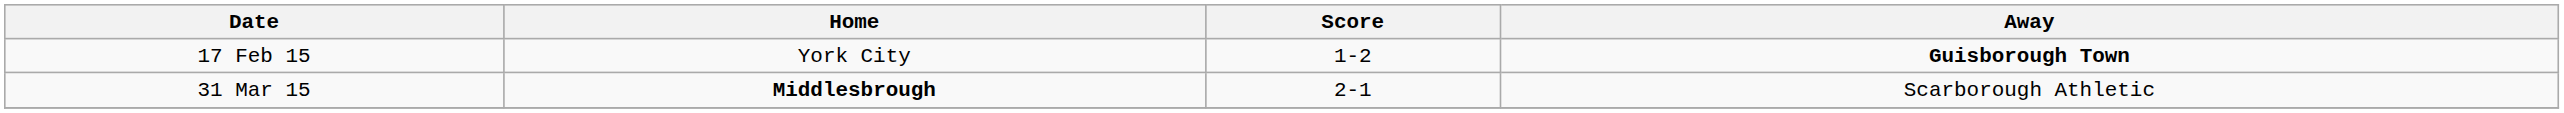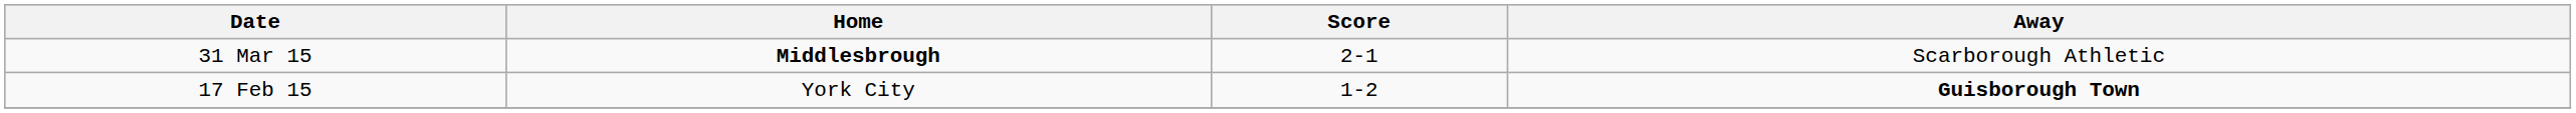 <table class="wikitable " style="text-align:center; width:80%;">
 <tr>
 <th>Date</th>
 <th>Home</th>
 <th>Score</th>
 <th>Away</th>
 </tr>
 <tr>
+<td>31 Mar 15</td>
+<td><strong>Middlesbrough</strong></td>
+<td>2-1</td>
+<td>Scarborough Athletic</td>
+</tr>
+<tr>
 <td>17 Feb 15</td>
 <td>York City</td>
 <td>1-2</td>
 <td><strong>Guisborough Town</strong></td>
 </tr>
 <tr>
-<td>31 Mar 15</td>
-<td><strong>Middlesbrough</strong></td>
-<td>2-1</td>
-<td>Scarborough Athletic</td>
-</tr>
-<tr>
 </tr>
 </table>
